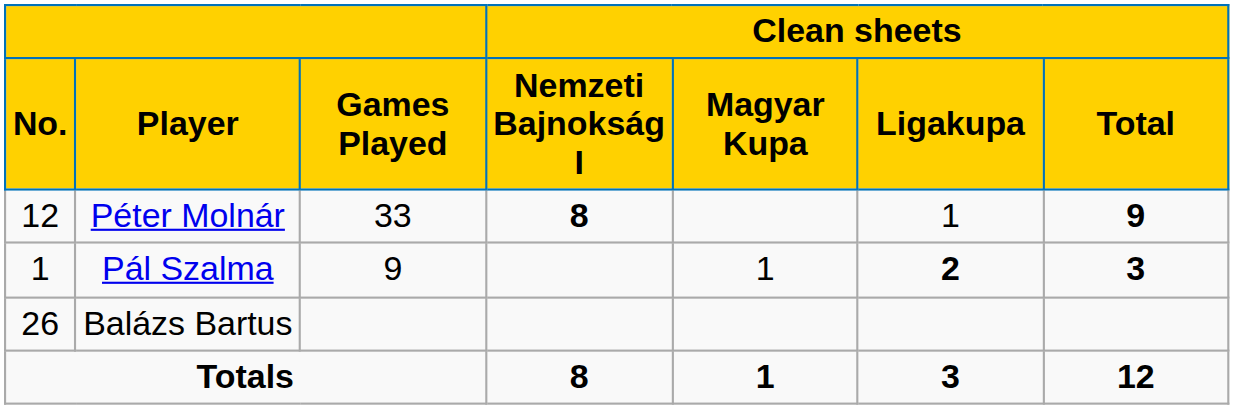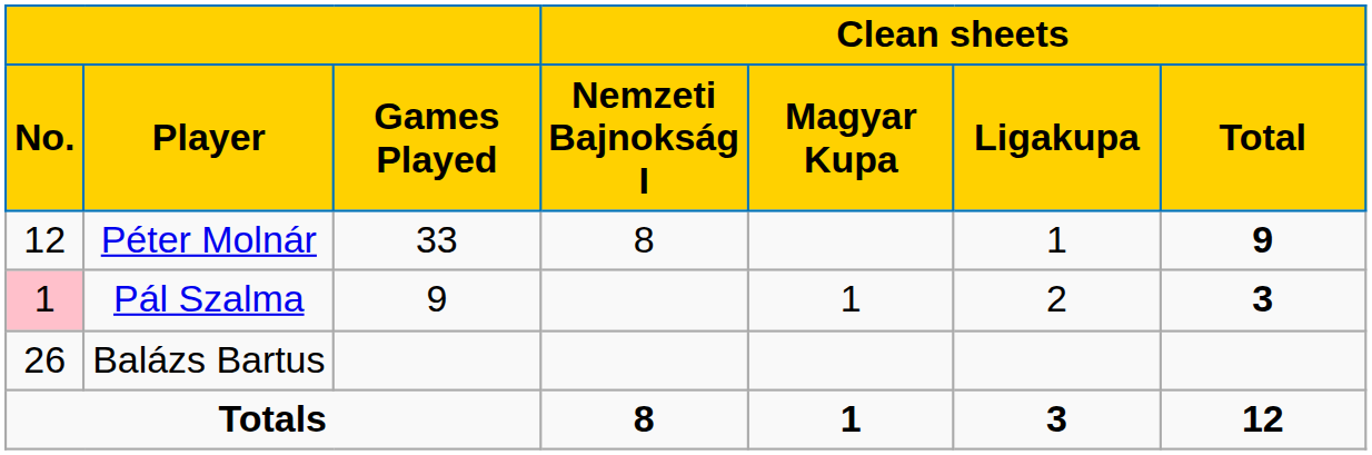 <table class="wikitable sortable alternance" style="text-align:center">
 <tr>
 <th colspan="3" style="background:#FFD100;border:1px solid #0072B9"></th>
 <th colspan="4" style="background:#FFD100;color:black;border:1px solid #0072B9">Clean sheets</th>
 </tr>
 <tr>
 <th style="background-color:#FFD100;color:black;border:1px solid #0072B9">No.</th>
 <th style="background-color:#FFD100;color:black;border:1px solid #0072B9">Player</th>
 <th width=80 style="background-color:#FFD100;color:black;border:1px solid #0072B9">Games Played</th>
 <th width=80 style="background-color:#FFD100;color:black;border:1px solid #0072B9">Nemzeti Bajnokság I</th>
 <th width=80 style="background-color:#FFD100;color:black;border:1px solid #0072B9">Magyar Kupa</th>
 <th width=80 style="background-color:#FFD100;color:black;border:1px solid #0072B9">Ligakupa</th>
 <th width=80 style="background-color:#FFD100;color:black;border:1px solid #0072B9">Total</th>
 </tr>
 <tr>
 <td>12</td>
 <td> <a href='#'>Péter Molnár</a></td>
 <td>33</td>
-<td><strong>8</strong></td>
+<td>8</td>
 <td></td>
 <td>1</td>
 <td><strong>9</strong></td>
 </tr>
 <tr>
-<td>1</td>
+<td style="background: pink;">1</td>
 <td> <a href='#'>Pál Szalma</a></td>
 <td>9</td>
 <td></td>
 <td>1</td>
-<td><strong>2</strong></td>
+<td>2</td>
 <td><strong>3</strong></td>
 </tr>
 <tr>
 <td>26</td>
 <td> Balázs Bartus</td>
 <td></td>
 <td></td>
 <td></td>
 <td></td>
 <td></td>
 </tr>
 <tr class="sortbottom">
 <td colspan="3"><strong>Totals</strong></td>
 <td><strong>8</strong></td>
 <td><strong>1</strong></td>
 <td><strong>3</strong></td>
 <td><strong>12</strong></td>
 </tr>
 </table>
